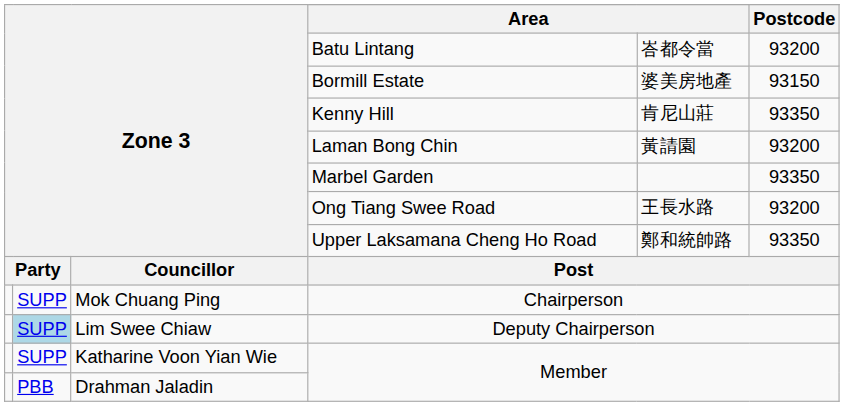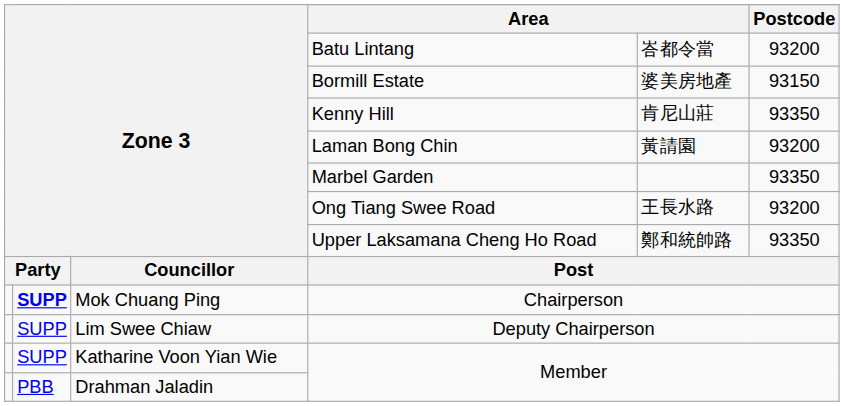 <table class="wikitable">
 <tr>
 <th width="220" colspan="4" rowspan="9"><br><h3>Zone 3</h3></th>
 </tr>
 <tr>
 <th ! align=center width="380" colspan="2">Area</th>
 <th align=center><strong>Postcode</strong></th>
 </tr>
 <tr>
 <td>Batu Lintang</td>
 <td>峇都令當</td>
 <td align=center>93200</td>
 </tr>
 <tr>
 <td>Bormill Estate</td>
 <td>婆美房地產</td>
 <td align=center>93150</td>
 </tr>
 <tr>
 <td>Kenny Hill</td>
 <td>肯尼山莊</td>
 <td align=center>93350</td>
 </tr>
 <tr>
 <td>Laman Bong Chin</td>
 <td>黃請園</td>
 <td align=center>93200</td>
 </tr>
 <tr>
 <td>Marbel Garden</td>
 <td></td>
 <td align=center>93350</td>
 </tr>
 <tr>
 <td>Ong Tiang Swee Road</td>
 <td>王長水路</td>
 <td align=center>93200</td>
 </tr>
 <tr>
 <td>Upper Laksamana Cheng Ho Road</td>
 <td>鄭和統帥路</td>
 <td align=center>93350</td>
 </tr>
 <tr>
 <th colspan="2">Party</th>
 <th width="200" colspan="2">Councillor</th>
 <th colspan="3">Post</th>
 </tr>
 <tr>
 <td></td>
-<td><a href='#'>SUPP</a></td>
+<td><strong><a href='#'>SUPP</a></strong></td>
 <td colspan="2">Mok Chuang Ping</td>
 <td align=center colspan="3">Chairperson</td>
 </tr>
 <tr>
 <td></td>
-<td style="background: lightblue;"><a href='#'>SUPP</a></td>
+<td><a href='#'>SUPP</a></td>
 <td colspan="2">Lim Swee Chiaw</td>
 <td align=center colspan="3">Deputy Chairperson</td>
 </tr>
 <tr>
 <td></td>
 <td><a href='#'>SUPP</a></td>
 <td colspan="2">Katharine Voon Yian Wie</td>
 <td align=center colspan="3" rowspan="2">Member</td>
 </tr>
 <tr>
 <td></td>
 <td><a href='#'>PBB</a></td>
 <td colspan="2">Drahman Jaladin</td>
 </tr>
 </table>
